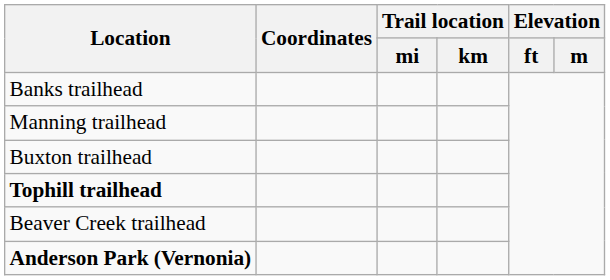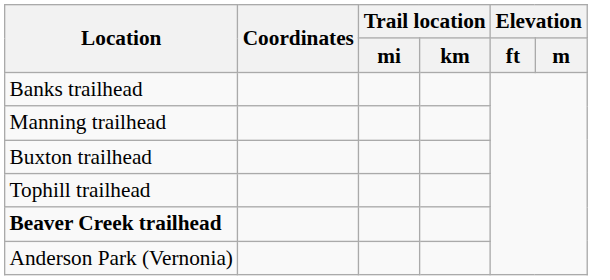 <table class="wikitable sortable">
 <tr>
 <th rowspan=2>Location</th>
 <th rowspan=2>Coordinates</th>
 <th colspan=2>Trail location</th>
 <th colspan=2>Elevation</th>
 </tr>
 <tr>
 <th>mi</th>
 <th>km</th>
 <th>ft</th>
 <th>m</th>
 </tr>
 <tr>
 <td>Banks trailhead</td>
 <td></td>
 <td></td>
 <td></td>
 </tr>
 <tr>
 <td>Manning trailhead</td>
 <td></td>
 <td></td>
 <td></td>
 </tr>
 <tr>
 <td>Buxton trailhead</td>
 <td></td>
 <td></td>
 <td></td>
 </tr>
 <tr>
-<td><strong>Tophill trailhead</strong></td>
+<td>Tophill trailhead</td>
 <td></td>
 <td></td>
 <td></td>
 </tr>
 <tr>
-<td>Beaver Creek trailhead</td>
+<td><strong>Beaver Creek trailhead</strong></td>
 <td></td>
 <td></td>
 <td></td>
 </tr>
 <tr>
-<td><strong>Anderson Park (Vernonia)</strong></td>
+<td>Anderson Park (Vernonia)</td>
 <td></td>
 <td></td>
 <td></td>
 </tr>
 </table>
